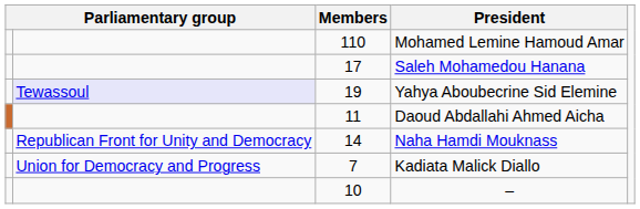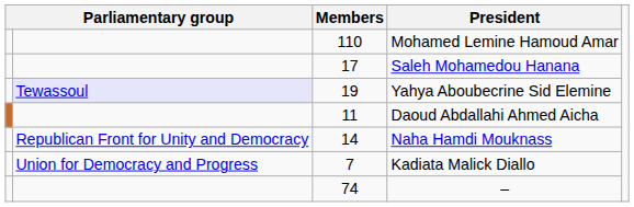 <table class="wikitable" style="margin:1em auto;font-size:95%;text-align:center;">
 <tr>
 <th colspan="2">Parliamentary group</th>
 <th>Members</th>
 <th>President</th>
 <td rowspan="8"></td>
 </tr>
 <tr>
 <td style="color:inherit;background:"></td>
 <td style="text-align:left;"></td>
 <td>110</td>
 <td style="text-align:left;">Mohamed Lemine Hamoud Amar</td>
 </tr>
 <tr>
 <td style="color:inherit;background:"></td>
 <td style="text-align:left;"></td>
 <td>17</td>
 <td style="text-align:left;"><a href='#'>Saleh Mohamedou Hanana</a></td>
 </tr>
 <tr>
 <td style="color:inherit;background:"></td>
 <td style="background: lavender; text-align:left;"><a href='#'>Tewassoul</a></td>
 <td>19</td>
 <td style="text-align:left;">Yahya Aboubecrine Sid Elemine</td>
 </tr>
 <tr>
 <td style="color:inherit;background:#C96A2F;"></td>
 <td style="text-align:left;"></td>
 <td>11</td>
 <td style="text-align:left;">Daoud Abdallahi Ahmed Aicha</td>
 </tr>
 <tr>
 <td style="color:inherit;background:"></td>
 <td style="text-align:left;"><a href='#'>Republican Front for Unity and Democracy</a></td>
 <td>14</td>
 <td style="text-align:left;"><a href='#'>Naha Hamdi Mouknass</a></td>
 </tr>
 <tr>
 <td style="color:inherit;background-color:"></td>
 <td style="text-align:left;"><a href='#'>Union for Democracy and Progress</a></td>
 <td>7</td>
 <td style="text-align:left;">Kadiata Malick Diallo</td>
 </tr>
 <tr>
 <td style="color:inherit;background:"></td>
 <td style="text-align:left;"></td>
-<td>10</td>
+<td>74</td>
 <td>–</td>
 </tr>
 </table>
